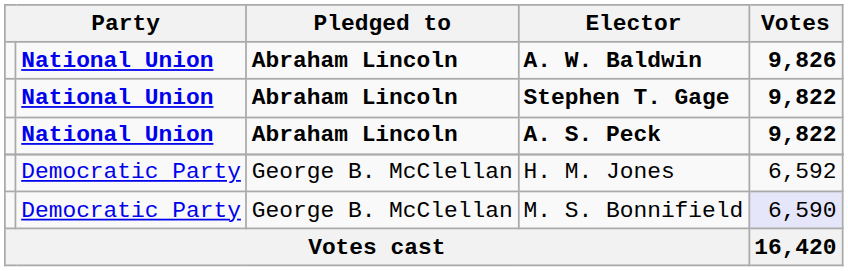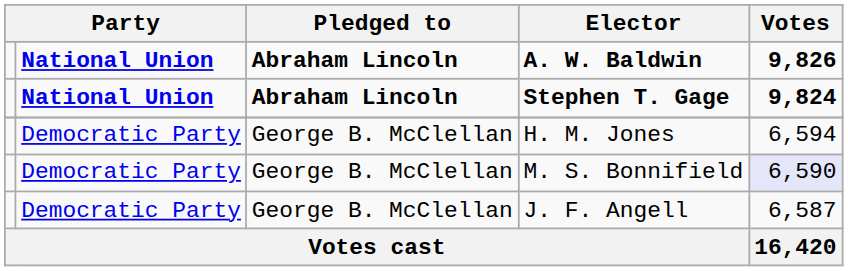 <table class="wikitable">
 <tr>
 <th colspan=2>Party</th>
 <th>Pledged to</th>
 <th>Elector</th>
 <th>Votes</th>
 </tr>
 <tr style="font-weight:bold">
 <td></td>
 <td><a href='#'>National Union</a></td>
 <td>Abraham Lincoln</td>
 <td>A. W. Baldwin</td>
 <td align="right">9,826</td>
 </tr>
 <tr style="font-weight:bold">
 <td></td>
 <td><a href='#'>National Union</a></td>
 <td>Abraham Lincoln</td>
 <td>Stephen T. Gage</td>
-<td align="right">9,822</td>
-</tr>
-<tr style="font-weight:bold">
-<td></td>
-<td><a href='#'>National Union</a></td>
-<td>Abraham Lincoln</td>
-<td>A. S. Peck</td>
-<td align="right">9,822</td>
+<td align="right">9,824</td>
 </tr>
 <tr style="font-weight:bold">
 </tr>
 <tr>
 <td></td>
 <td><a href='#'>Democratic Party</a></td>
 <td>George B. McClellan</td>
 <td>H. M. Jones</td>
-<td align="right">6,592</td>
+<td align="right">6,594</td>
 </tr>
 <tr>
 <td></td>
 <td><a href='#'>Democratic Party</a></td>
 <td>George B. McClellan</td>
 <td>M. S. Bonnifield</td>
 <td align="right" style="background: lavender;">6,590</td>
 </tr>
 <tr>
+<td></td>
+<td><a href='#'>Democratic Party</a></td>
+<td>George B. McClellan</td>
+<td>J. F. Angell</td>
+<td align="right">6,587</td>
+</tr>
+<tr>
 <th colspan="4">Votes cast</th>
 <th>16,420</th>
 </tr>
 </table>
